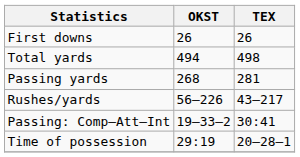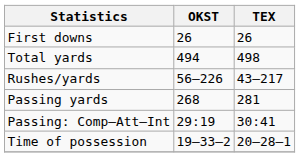 <table class="wikitable" style="float: left;">
 <tr>
 <th>Statistics</th>
 <th>OKST</th>
 <th>TEX</th>
 </tr>
 <tr>
 <td>First downs</td>
 <td>26</td>
 <td>26</td>
 </tr>
 <tr>
 <td>Total yards</td>
 <td>494</td>
 <td>498</td>
 </tr>
 <tr>
+<td>Rushes/yards</td>
+<td>56–226</td>
+<td>43–217</td>
+</tr>
+<tr>
 <td>Passing yards</td>
 <td>268</td>
 <td>281</td>
 </tr>
 <tr>
-<td>Rushes/yards</td>
-<td>56–226</td>
-<td>43–217</td>
-</tr>
-<tr>
 <td>Passing: Comp–Att–Int</td>
-<td>19–33–2</td>
+<td>29:19</td>
 <td>30:41</td>
 </tr>
 <tr>
 <td>Time of possession</td>
-<td>29:19</td>
+<td>19–33–2</td>
 <td>20–28–1</td>
 </tr>
 <tr>
 </tr>
 </table>
